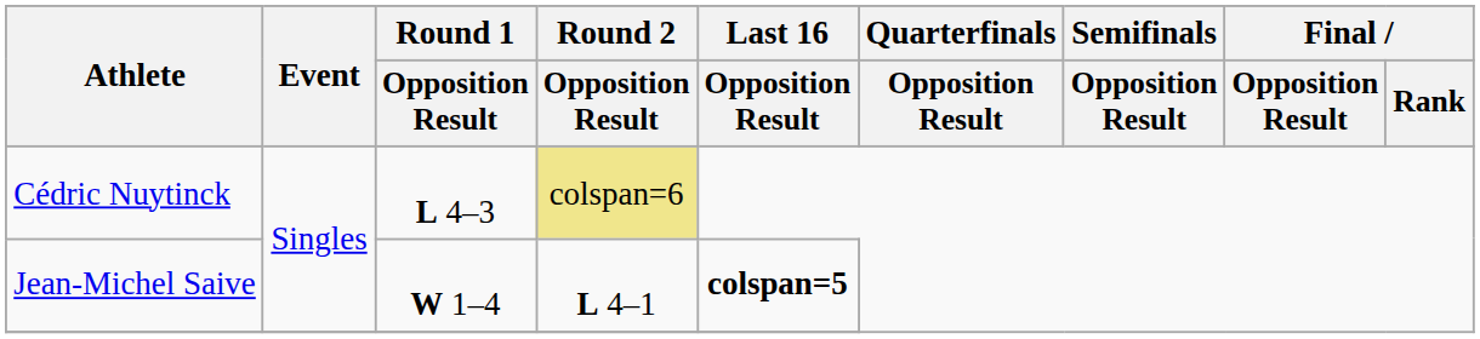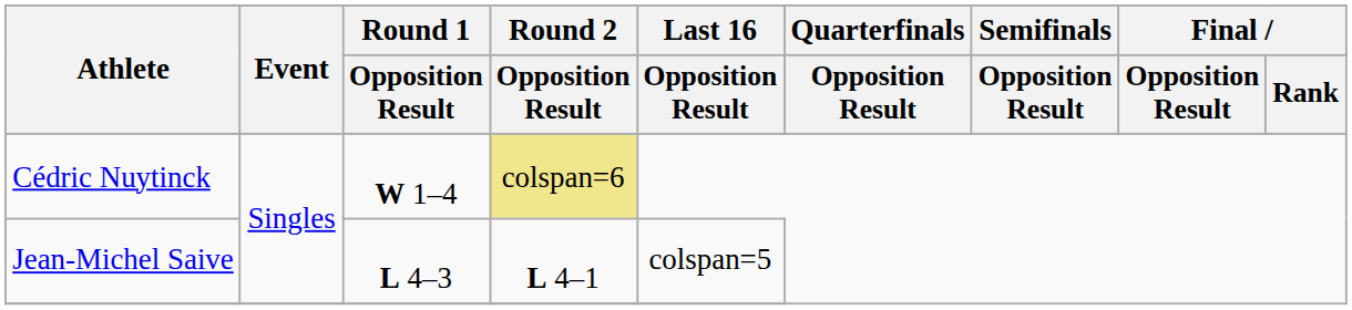 <table class="wikitable" style="font-size:90%">
 <tr>
 <th rowspan=2>Athlete</th>
 <th rowspan=2>Event</th>
 <th>Round 1</th>
 <th>Round 2</th>
 <th>Last 16</th>
 <th>Quarterfinals</th>
 <th>Semifinals</th>
 <th colspan=2>Final / </th>
 </tr>
 <tr style="font-size:95%">
 <th>Opposition<br>Result</th>
 <th>Opposition<br>Result</th>
 <th>Opposition<br>Result</th>
 <th>Opposition<br>Result</th>
 <th>Opposition<br>Result</th>
 <th>Opposition<br>Result</th>
 <th>Rank</th>
 </tr>
 <tr align=center>
 <td align=left><a href='#'>Cédric Nuytinck</a></td>
 <td align=left rowspan=2><a href='#'>Singles</a></td>
-<td><br><strong>L</strong> 4–3</td>
+<td><br><strong>W</strong> 1–4</td>
 <td style="background: khaki;">colspan=6 </td>
 </tr>
 <tr align=center>
 <td align=left><a href='#'>Jean-Michel Saive</a></td>
-<td><br><strong>W</strong> 1–4</td>
+<td><br><strong>L</strong> 4–3</td>
 <td><br><strong>L</strong> 4–1</td>
-<td><strong>colspan=5 </strong></td>
+<td>colspan=5 </td>
 </tr>
 <tr align=center>
 </tr>
 </table>
